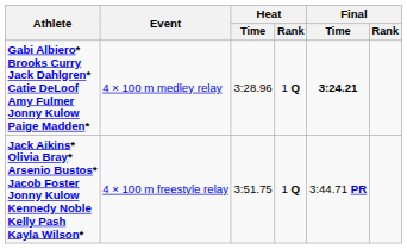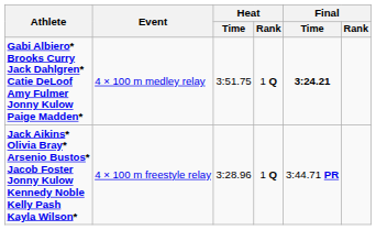 <table class=wikitable style=font-size:90%;text-align:center>
 <tr>
 <th rowspan=2>Athlete</th>
 <th rowspan=2>Event</th>
 <th colspan=2>Heat</th>
 <th colspan=2>Final</th>
 </tr>
 <tr style=font-size:95%>
 <th>Time</th>
 <th>Rank</th>
 <th>Time</th>
 <th>Rank</th>
 </tr>
 <tr>
 <td align=left><strong><a href='#'>Gabi Albiero</a>*<br><a href='#'>Brooks Curry</a><br><a href='#'>Jack Dahlgren</a>*<br><a href='#'>Catie DeLoof</a><br><a href='#'>Amy Fulmer</a><br><a href='#'>Jonny Kulow</a><br><a href='#'>Paige Madden</a>*</strong></td>
 <td align=left><a href='#'>4 × 100 m medley relay</a></td>
-<td>3:28.96</td>
+<td>3:51.75</td>
 <td>1 <strong>Q</strong></td>
 <td><strong>3:24.21</strong></td>
 <td></td>
 </tr>
 <tr>
 <td align=left><strong><a href='#'>Jack Aikins</a>*<br><a href='#'>Olivia Bray</a>*<br><a href='#'>Arsenio Bustos</a>*<br><a href='#'>Jacob Foster</a><br><a href='#'>Jonny Kulow</a><br><a href='#'>Kennedy Noble</a><br><a href='#'>Kelly Pash</a><br><a href='#'>Kayla Wilson</a>*</strong></td>
 <td align=left><a href='#'>4 × 100 m freestyle relay</a></td>
-<td>3:51.75</td>
+<td>3:28.96</td>
 <td>1 <strong>Q</strong></td>
 <td>3:44.71 <strong><a href='#'>PR</a></strong></td>
 <td></td>
 </tr>
 </table>
